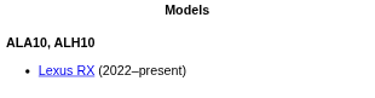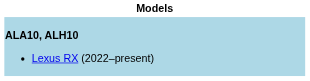 <table>
 <tr>
 <th style="width:50%">Models</th>
 </tr>
 <tr>
-<td style="width:50%"><br><strong>ALA10, ALH10</strong><ul><li><a href='#'>Lexus RX</a> (2022–present)</li></ul></td>
+<td style="background: lightblue; width:50%"><br><strong>ALA10, ALH10</strong><ul><li><a href='#'>Lexus RX</a> (2022–present)</li></ul></td>
 </tr>
 </table>
